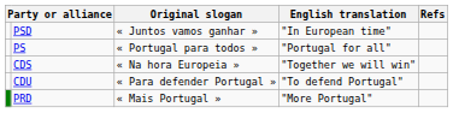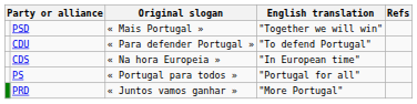 <table class="wikitable" style="font-size:97%; text-align:left;">
 <tr>
 <th style="text-align:left;" colspan="2">Party or alliance</th>
 <th>Original slogan</th>
 <th>English translation</th>
 <th>Refs</th>
 </tr>
 <tr>
 <td style="color:inherit;background:"></td>
 <td><a href='#'>PSD</a></td>
-<td>« Juntos vamos ganhar »</td>
+<td>« Mais Portugal »</td>
+<td>"Together we will win"</td>
+<td></td>
+</tr>
+<tr>
+<td style="color:inherit;background:"></td>
+<td><a href='#'>CDU</a></td>
+<td>« Para defender Portugal »</td>
+<td>"To defend Portugal"</td>
+<td></td>
+</tr>
+<tr>
+<td style="color:inherit;background:"></td>
+<td><a href='#'>CDS</a></td>
+<td>« Na hora Europeia »</td>
 <td>"In European time"</td>
 <td></td>
 </tr>
 <tr>
 <td width="1" style="color:inherit;background:"></td>
 <td><a href='#'>PS</a></td>
 <td>« Portugal para todos »</td>
 <td>"Portugal for all"</td>
 <td></td>
 </tr>
 <tr>
-<td style="color:inherit;background:"></td>
-<td><a href='#'>CDS</a></td>
-<td>« Na hora Europeia »</td>
-<td>"Together we will win"</td>
-<td></td>
-</tr>
-<tr>
-<td style="color:inherit;background:"></td>
-<td><a href='#'>CDU</a></td>
-<td>« Para defender Portugal »</td>
-<td>"To defend Portugal"</td>
-<td></td>
-</tr>
-<tr>
 <td style="color:inherit;background:green"></td>
 <td><a href='#'>PRD</a></td>
-<td>« Mais Portugal »</td>
+<td>« Juntos vamos ganhar »</td>
 <td>"More Portugal"</td>
 <td></td>
 </tr>
 </table>
